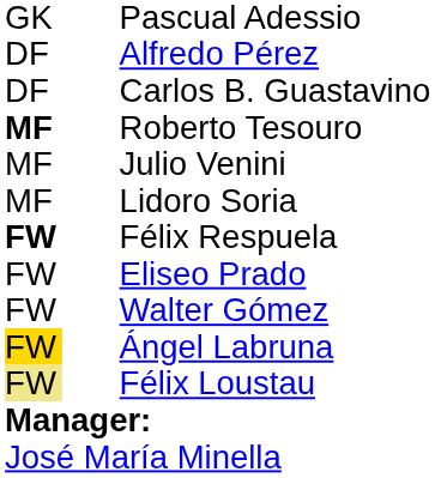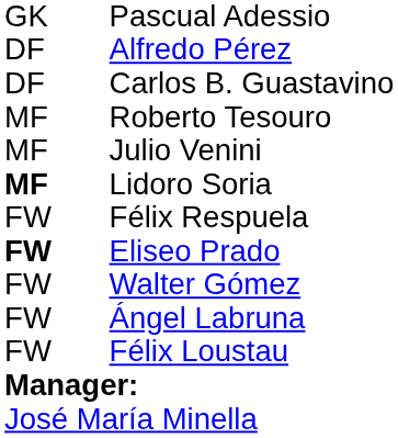 <table cellspacing="0" cellpadding="0" style="font-size:90%; margin:0.2em auto;">
 <tr>
 <th width="25"></th>
 <th width="25"></th>
 </tr>
 <tr>
 <td>GK</td>
 <td></td>
 <td> Pascual Adessio</td>
 </tr>
 <tr>
 <td>DF</td>
 <td></td>
 <td> <a href='#'>Alfredo Pérez</a></td>
 </tr>
 <tr>
 <td>DF</td>
 <td></td>
 <td> Carlos B. Guastavino</td>
 </tr>
 <tr>
-<td><strong>MF</strong></td>
+<td>MF</td>
 <td></td>
 <td> Roberto Tesouro</td>
 </tr>
 <tr>
 <td>MF</td>
 <td></td>
 <td> Julio Venini</td>
 </tr>
 <tr>
-<td>MF</td>
+<td><strong>MF</strong></td>
 <td></td>
 <td> Lidoro Soria</td>
 </tr>
 <tr>
-<td><strong>FW</strong></td>
+<td>FW</td>
 <td></td>
 <td> Félix Respuela</td>
 </tr>
 <tr>
-<td>FW</td>
+<td><strong>FW</strong></td>
 <td></td>
 <td> <a href='#'>Eliseo Prado</a></td>
 </tr>
 <tr>
 <td>FW</td>
 <td></td>
 <td> <a href='#'>Walter Gómez</a></td>
 </tr>
 <tr>
-<td style="background: gold;">FW</td>
+<td>FW</td>
 <td></td>
 <td> <a href='#'>Ángel Labruna</a></td>
 </tr>
 <tr>
-<td style="background: khaki;">FW</td>
+<td>FW</td>
 <td></td>
 <td> <a href='#'>Félix Loustau</a></td>
 </tr>
 <tr>
 <td colspan=3><strong>Manager:</strong></td>
 </tr>
 <tr>
 <td colspan=4> <a href='#'>José María Minella</a></td>
 </tr>
 </table>
